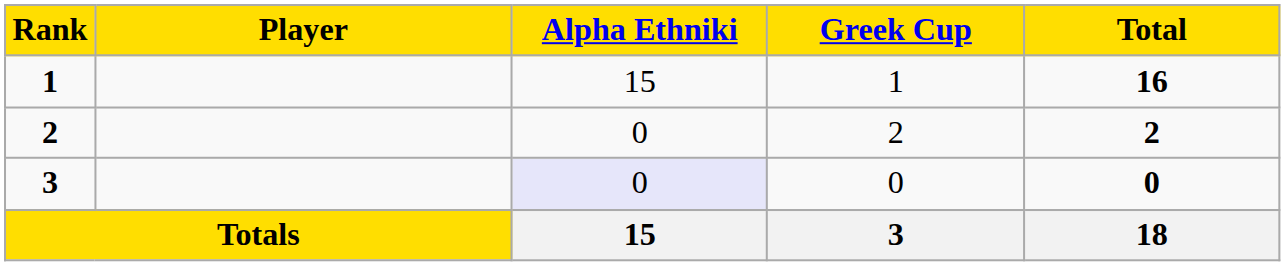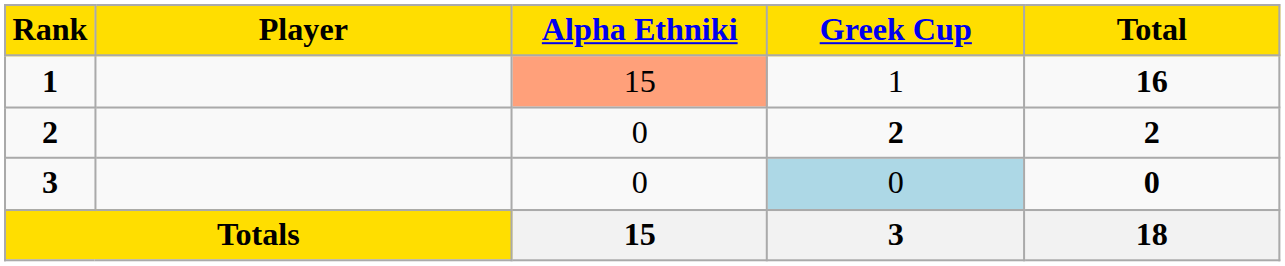 <table class="wikitable sortable" style="text-align:center">
 <tr>
 <th style="background:#FFDE00">Rank</th>
 <th width=200 style="background:#FFDE00">Player</th>
 <th width=120 style="background:#FFDE00"><a href='#'>Alpha Ethniki</a></th>
 <th width=120 style="background:#FFDE00"><a href='#'>Greek Cup</a></th>
 <th width=120 style="background:#FFDE00">Total</th>
 </tr>
 <tr>
 <td><strong>1</strong></td>
 <td align=left></td>
-<td>15</td>
+<td style="background: lightsalmon;">15</td>
 <td>1</td>
 <td><strong>16</strong></td>
 </tr>
 <tr>
 <td><strong>2</strong></td>
 <td align=left></td>
 <td>0</td>
-<td>2</td>
+<td><strong>2</strong></td>
 <td><strong>2</strong></td>
 </tr>
 <tr>
 <td><strong>3</strong></td>
 <td align=left></td>
-<td style="background: lavender;">0</td>
 <td>0</td>
+<td style="background: lightblue;">0</td>
 <td><strong>0</strong></td>
 </tr>
 <tr class="sortbottom">
 <th colspan=2 style="background:#FFDE00"><strong>Totals</strong></th>
 <th><strong>15</strong></th>
 <th><strong> 3</strong></th>
 <th><strong>18</strong></th>
 </tr>
 </table>
